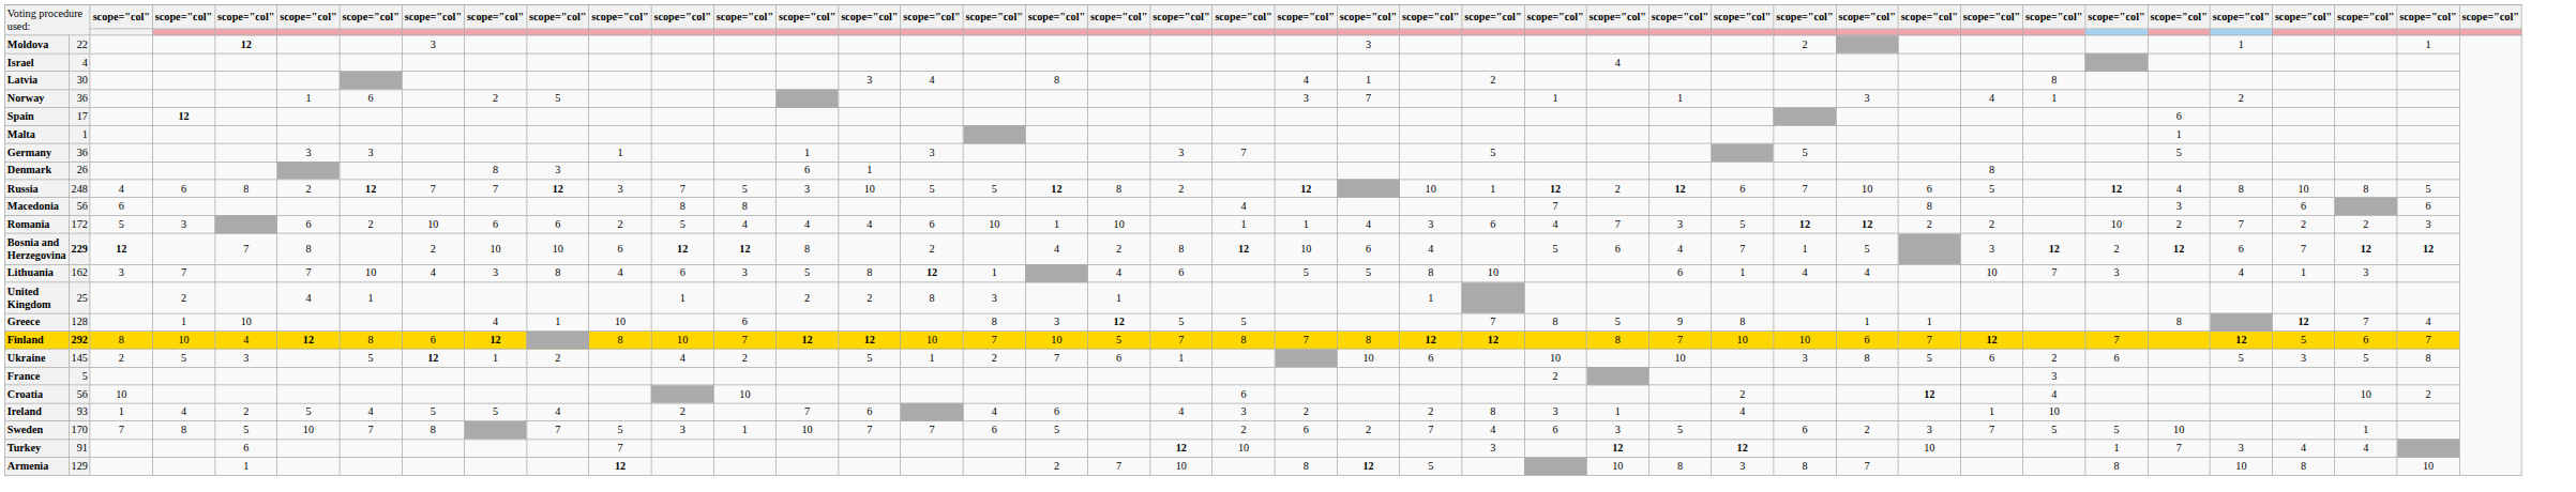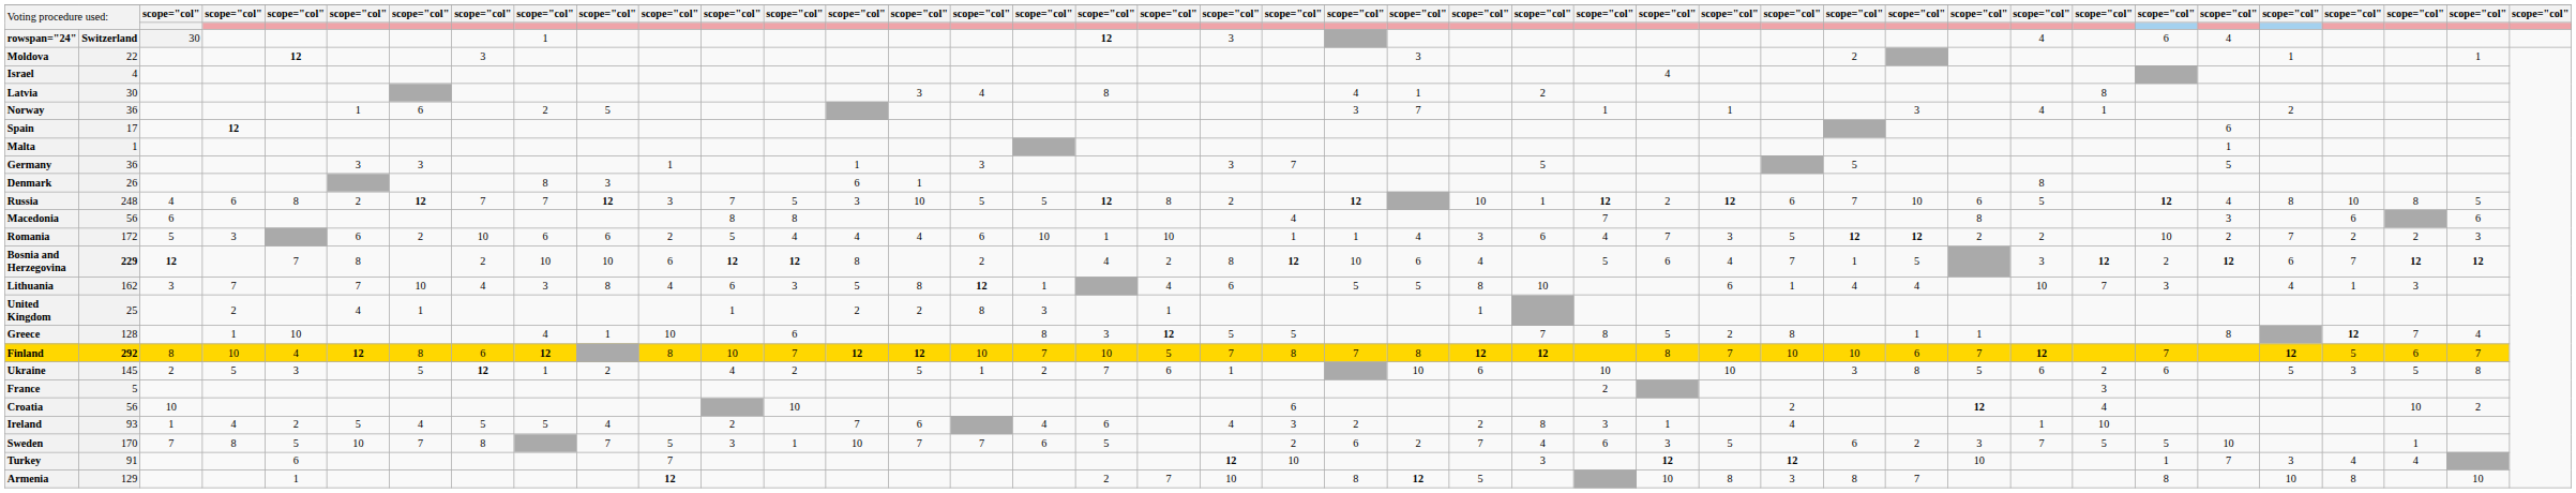 <table class="wikitable plainrowheaders" style="text-align:center; font-size:85%;">
 <tr>
 </tr>
 <tr>
 <td colspan="2" rowspan="2" style="text-align:left; background:#F2F2F2">Voting procedure used:<br></td>
 <th>scope="col" </th>
 <th>scope="col" </th>
 <th>scope="col" </th>
 <th>scope="col" </th>
 <th>scope="col" </th>
 <th>scope="col" </th>
 <th>scope="col" </th>
 <th>scope="col" </th>
 <th>scope="col" </th>
 <th>scope="col" </th>
 <th>scope="col" </th>
 <th>scope="col" </th>
 <th>scope="col" </th>
 <th>scope="col" </th>
 <th>scope="col" </th>
 <th>scope="col" </th>
 <th>scope="col" </th>
 <th>scope="col" </th>
 <th>scope="col" </th>
 <th>scope="col" </th>
 <th>scope="col" </th>
 <th>scope="col" </th>
 <th>scope="col" </th>
 <th>scope="col" </th>
 <th>scope="col" </th>
 <th>scope="col" </th>
 <th>scope="col" </th>
 <th>scope="col" </th>
 <th>scope="col" </th>
 <th>scope="col" </th>
 <th>scope="col" </th>
 <th>scope="col" </th>
 <th>scope="col" </th>
 <th>scope="col" </th>
 <th>scope="col" </th>
 <th>scope="col" </th>
 <th>scope="col" </th>
 <th>scope="col" </th>
 <th>scope="col" </th>
 </tr>
 <tr>
 <th style="height:2px; border-top:1px solid transparent;"></th>
 <td style="background:#EFA4A9;"></td>
 <td style="background:#EFA4A9;"></td>
 <td style="background:#EFA4A9;"></td>
 <td style="background:#EFA4A9;"></td>
 <td style="background:#EFA4A9;"></td>
 <td style="background:#EFA4A9;"></td>
 <td style="background:#EFA4A9;"></td>
 <td style="background:#EFA4A9;"></td>
 <td style="background:#EFA4A9;"></td>
 <td style="background:#EFA4A9;"></td>
 <td style="background:#EFA4A9;"></td>
 <td style="background:#EFA4A9;"></td>
 <td style="background:#EFA4A9;"></td>
 <td style="background:#EFA4A9;"></td>
 <td style="background:#EFA4A9;"></td>
 <td style="background:#EFA4A9;"></td>
 <td style="background:#EFA4A9;"></td>
 <td style="background:#EFA4A9;"></td>
 <td style="background:#EFA4A9;"></td>
 <td style="background:#EFA4A9;"></td>
 <td style="background:#EFA4A9;"></td>
 <td style="background:#EFA4A9;"></td>
 <td style="background:#EFA4A9;"></td>
 <td style="background:#EFA4A9;"></td>
 <td style="background:#EFA4A9;"></td>
 <td style="background:#EFA4A9;"></td>
 <td style="background:#EFA4A9;"></td>
 <td style="background:#EFA4A9;"></td>
 <td style="background:#EFA4A9;"></td>
 <td style="background:#EFA4A9;"></td>
 <td style="background:#EFA4A9;"></td>
 <td style="background:#A4D1EF;"></td>
 <td style="background:#EFA4A9;"></td>
 <td style="background:#A4D1EF;"></td>
 <td style="background:#EFA4A9;"></td>
 <td style="background:#EFA4A9;"></td>
 <td style="background:#EFA4A9;"></td>
 <td style="background:#EFA4A9;"></td>
+</tr>
+<tr>
+<th>rowspan="24" </th>
+<th scope="row" style="text-align:left; background:#f2f2f2;">Switzerland</th>
+<td style="text-align:right; background:#f2f2f2;">30</td>
+<td></td>
+<td></td>
+<td></td>
+<td></td>
+<td></td>
+<td>1</td>
+<td></td>
+<td></td>
+<td></td>
+<td></td>
+<td></td>
+<td></td>
+<td></td>
+<td></td>
+<td><strong>12</strong></td>
+<td></td>
+<td>3</td>
+<td></td>
+<td style="text-align:left; background:#aaa;"></td>
+<td></td>
+<td></td>
+<td></td>
+<td></td>
+<td></td>
+<td></td>
+<td></td>
+<td></td>
+<td></td>
+<td></td>
+<td>4</td>
+<td></td>
+<td>6</td>
+<td>4</td>
+<td></td>
+<td></td>
+<td></td>
+<td></td>
+<td></td>
 </tr>
 <tr>
 <th scope="row" style="text-align:left; background:#f2f2f2;">Moldova</th>
 <td style="text-align:right; background:#f2f2f2;">22</td>
 <td></td>
 <td></td>
 <td><strong>12</strong></td>
 <td></td>
 <td></td>
 <td>3</td>
 <td></td>
 <td></td>
 <td></td>
 <td></td>
 <td></td>
 <td></td>
 <td></td>
 <td></td>
 <td></td>
 <td></td>
 <td></td>
 <td></td>
 <td></td>
 <td></td>
 <td>3</td>
 <td></td>
 <td></td>
 <td></td>
 <td></td>
 <td></td>
 <td></td>
 <td>2</td>
 <td style="text-align:left; background:#aaa;"></td>
 <td></td>
 <td></td>
 <td></td>
 <td></td>
 <td></td>
 <td>1</td>
 <td></td>
 <td></td>
 <td>1</td>
 </tr>
 <tr>
 <th scope="row" style="text-align:left; background:#f2f2f2;">Israel</th>
 <td style="text-align:right; background:#f2f2f2;">4</td>
 <td></td>
 <td></td>
 <td></td>
 <td></td>
 <td></td>
 <td></td>
 <td></td>
 <td></td>
 <td></td>
 <td></td>
 <td></td>
 <td></td>
 <td></td>
 <td></td>
 <td></td>
 <td></td>
 <td></td>
 <td></td>
 <td></td>
 <td></td>
 <td></td>
 <td></td>
 <td></td>
 <td></td>
 <td>4</td>
 <td></td>
 <td></td>
 <td></td>
 <td></td>
 <td></td>
 <td></td>
 <td></td>
 <td style="text-align:left; background:#aaa;"></td>
 <td></td>
 <td></td>
 <td></td>
 <td></td>
 <td></td>
 </tr>
 <tr>
 <th scope="row" style="text-align:left; background:#f2f2f2;">Latvia</th>
 <td style="text-align:right; background:#f2f2f2;">30</td>
 <td></td>
 <td></td>
 <td></td>
 <td></td>
 <td style="text-align:left; background:#aaa;"></td>
 <td></td>
 <td></td>
 <td></td>
 <td></td>
 <td></td>
 <td></td>
 <td></td>
 <td>3</td>
 <td>4</td>
 <td></td>
 <td>8</td>
 <td></td>
 <td></td>
 <td></td>
 <td>4</td>
 <td>1</td>
 <td></td>
 <td>2</td>
 <td></td>
 <td></td>
 <td></td>
 <td></td>
 <td></td>
 <td></td>
 <td></td>
 <td></td>
 <td>8</td>
 <td></td>
 <td></td>
 <td></td>
 <td></td>
 <td></td>
 <td></td>
 </tr>
 <tr>
 <th scope="row" style="text-align:left; background:#f2f2f2;">Norway</th>
 <td style="text-align:right; background:#f2f2f2;">36</td>
 <td></td>
 <td></td>
 <td></td>
 <td>1</td>
 <td>6</td>
 <td></td>
 <td>2</td>
 <td>5</td>
 <td></td>
 <td></td>
 <td></td>
 <td style="text-align:left; background:#aaa;"></td>
 <td></td>
 <td></td>
 <td></td>
 <td></td>
 <td></td>
 <td></td>
 <td></td>
 <td>3</td>
 <td>7</td>
 <td></td>
 <td></td>
 <td>1</td>
 <td></td>
 <td>1</td>
 <td></td>
 <td></td>
 <td>3</td>
 <td></td>
 <td>4</td>
 <td>1</td>
 <td></td>
 <td></td>
 <td>2</td>
 <td></td>
 <td></td>
 <td></td>
 </tr>
 <tr>
 <th scope="row" style="text-align:left; background:#f2f2f2;">Spain</th>
 <td style="text-align:right; background:#f2f2f2;">17</td>
 <td></td>
 <td><strong>12</strong></td>
 <td></td>
 <td></td>
 <td></td>
 <td></td>
 <td></td>
 <td></td>
 <td></td>
 <td></td>
 <td></td>
 <td></td>
 <td></td>
 <td></td>
 <td></td>
 <td></td>
 <td></td>
 <td></td>
 <td></td>
 <td></td>
 <td></td>
 <td></td>
 <td></td>
 <td></td>
 <td></td>
 <td></td>
 <td></td>
 <td style="text-align:left; background:#aaa;"></td>
 <td></td>
 <td></td>
 <td></td>
 <td></td>
 <td></td>
 <td>6</td>
 <td></td>
 <td></td>
 <td></td>
 <td></td>
 </tr>
 <tr>
 <th scope="row" style="text-align:left; background:#f2f2f2;">Malta</th>
 <td style="text-align:right; background:#f2f2f2;">1</td>
 <td></td>
 <td></td>
 <td></td>
 <td></td>
 <td></td>
 <td></td>
 <td></td>
 <td></td>
 <td></td>
 <td></td>
 <td></td>
 <td></td>
 <td></td>
 <td></td>
 <td style="text-align:left; background:#aaa;"></td>
 <td></td>
 <td></td>
 <td></td>
 <td></td>
 <td></td>
 <td></td>
 <td></td>
 <td></td>
 <td></td>
 <td></td>
 <td></td>
 <td></td>
 <td></td>
 <td></td>
 <td></td>
 <td></td>
 <td></td>
 <td></td>
 <td>1</td>
 <td></td>
 <td></td>
 <td></td>
 <td></td>
 </tr>
 <tr>
 <th scope="row" style="text-align:left; background:#f2f2f2;">Germany</th>
 <td style="text-align:right; background:#f2f2f2;">36</td>
 <td></td>
 <td></td>
 <td></td>
 <td>3</td>
 <td>3</td>
 <td></td>
 <td></td>
 <td></td>
 <td>1</td>
 <td></td>
 <td></td>
 <td>1</td>
 <td></td>
 <td>3</td>
 <td></td>
 <td></td>
 <td></td>
 <td>3</td>
 <td>7</td>
 <td></td>
 <td></td>
 <td></td>
 <td>5</td>
 <td></td>
 <td></td>
 <td></td>
 <td style="text-align:left; background:#aaa;"></td>
 <td>5</td>
 <td></td>
 <td></td>
 <td></td>
 <td></td>
 <td></td>
 <td>5</td>
 <td></td>
 <td></td>
 <td></td>
 <td></td>
 </tr>
 <tr>
 <th scope="row" style="text-align:left; background:#f2f2f2;">Denmark</th>
 <td style="text-align:right; background:#f2f2f2;">26</td>
 <td></td>
 <td></td>
 <td></td>
 <td style="text-align:left; background:#aaa;"></td>
 <td></td>
 <td></td>
 <td>8</td>
 <td>3</td>
 <td></td>
 <td></td>
 <td></td>
 <td>6</td>
 <td>1</td>
 <td></td>
 <td></td>
 <td></td>
 <td></td>
 <td></td>
 <td></td>
 <td></td>
 <td></td>
 <td></td>
 <td></td>
 <td></td>
 <td></td>
 <td></td>
 <td></td>
 <td></td>
 <td></td>
 <td></td>
 <td>8</td>
 <td></td>
 <td></td>
 <td></td>
 <td></td>
 <td></td>
 <td></td>
 <td></td>
 </tr>
 <tr>
 <th scope="row" style="text-align:left; background:#f2f2f2;">Russia</th>
 <td style="text-align:right; background:#f2f2f2;">248</td>
 <td>4</td>
 <td>6</td>
 <td>8</td>
 <td>2</td>
 <td><strong>12</strong></td>
 <td>7</td>
 <td>7</td>
 <td><strong>12</strong></td>
 <td>3</td>
 <td>7</td>
 <td>5</td>
 <td>3</td>
 <td>10</td>
 <td>5</td>
 <td>5</td>
 <td><strong>12</strong></td>
 <td>8</td>
 <td>2</td>
 <td></td>
 <td><strong>12</strong></td>
 <td style="text-align:left; background:#aaa;"></td>
 <td>10</td>
 <td>1</td>
 <td><strong>12</strong></td>
 <td>2</td>
 <td><strong>12</strong></td>
 <td>6</td>
 <td>7</td>
 <td>10</td>
 <td>6</td>
 <td>5</td>
 <td></td>
 <td><strong>12</strong></td>
 <td>4</td>
 <td>8</td>
 <td>10</td>
 <td>8</td>
 <td>5</td>
 </tr>
 <tr>
 <th scope="row" style="text-align:left; background:#f2f2f2;">Macedonia</th>
 <td style="text-align:right; background:#f2f2f2;">56</td>
 <td>6</td>
 <td></td>
 <td></td>
 <td></td>
 <td></td>
 <td></td>
 <td></td>
 <td></td>
 <td></td>
 <td>8</td>
 <td>8</td>
 <td></td>
 <td></td>
 <td></td>
 <td></td>
 <td></td>
 <td></td>
 <td></td>
 <td>4</td>
 <td></td>
 <td></td>
 <td></td>
 <td></td>
 <td>7</td>
 <td></td>
 <td></td>
 <td></td>
 <td></td>
 <td></td>
 <td>8</td>
 <td></td>
 <td></td>
 <td></td>
 <td>3</td>
 <td></td>
 <td>6</td>
 <td style="text-align:left; background:#aaa;"></td>
 <td>6</td>
 </tr>
 <tr>
 <th scope="row" style="text-align:left; background:#f2f2f2;">Romania</th>
 <td style="text-align:right; background:#f2f2f2;">172</td>
 <td>5</td>
 <td>3</td>
 <td style="text-align:left; background:#aaa;"></td>
 <td>6</td>
 <td>2</td>
 <td>10</td>
 <td>6</td>
 <td>6</td>
 <td>2</td>
 <td>5</td>
 <td>4</td>
 <td>4</td>
 <td>4</td>
 <td>6</td>
 <td>10</td>
 <td>1</td>
 <td>10</td>
 <td></td>
 <td>1</td>
 <td>1</td>
 <td>4</td>
 <td>3</td>
 <td>6</td>
 <td>4</td>
 <td>7</td>
 <td>3</td>
 <td>5</td>
 <td><strong>12</strong></td>
 <td><strong>12</strong></td>
 <td>2</td>
 <td>2</td>
 <td></td>
 <td>10</td>
 <td>2</td>
 <td>7</td>
 <td>2</td>
 <td>2</td>
 <td>3</td>
 </tr>
 <tr>
 <th scope="row" style="text-align:left; background:#f2f2f2;">Bosnia and Herzegovina</th>
 <td style="text-align:right; background:#f2f2f2;"><strong>229</strong></td>
 <td><strong>12</strong></td>
 <td></td>
 <td>7</td>
 <td>8</td>
 <td></td>
 <td>2</td>
 <td>10</td>
 <td>10</td>
 <td>6</td>
 <td><strong>12</strong></td>
 <td><strong>12</strong></td>
 <td>8</td>
 <td></td>
 <td>2</td>
 <td></td>
 <td>4</td>
 <td>2</td>
 <td>8</td>
 <td><strong>12</strong></td>
 <td>10</td>
 <td>6</td>
 <td>4</td>
 <td></td>
 <td>5</td>
 <td>6</td>
 <td>4</td>
 <td>7</td>
 <td>1</td>
 <td>5</td>
 <td style="text-align:left; background:#aaa;"></td>
 <td>3</td>
 <td><strong>12</strong></td>
 <td>2</td>
 <td><strong>12</strong></td>
 <td>6</td>
 <td>7</td>
 <td><strong>12</strong></td>
 <td><strong>12</strong></td>
 </tr>
 <tr>
 <th scope="row" style="text-align:left; background:#f2f2f2;">Lithuania</th>
 <td style="text-align:right; background:#f2f2f2;">162</td>
 <td>3</td>
 <td>7</td>
 <td></td>
 <td>7</td>
 <td>10</td>
 <td>4</td>
 <td>3</td>
 <td>8</td>
 <td>4</td>
 <td>6</td>
 <td>3</td>
 <td>5</td>
 <td>8</td>
 <td><strong>12</strong></td>
 <td>1</td>
 <td style="text-align:left; background:#aaa;"></td>
 <td>4</td>
 <td>6</td>
 <td></td>
 <td>5</td>
 <td>5</td>
 <td>8</td>
 <td>10</td>
 <td></td>
 <td></td>
 <td>6</td>
 <td>1</td>
 <td>4</td>
 <td>4</td>
 <td></td>
 <td>10</td>
 <td>7</td>
 <td>3</td>
 <td></td>
 <td>4</td>
 <td>1</td>
 <td>3</td>
 <td></td>
 </tr>
 <tr>
 <th scope="row" style="text-align:left; background:#f2f2f2;">United Kingdom</th>
 <td style="text-align:right; background:#f2f2f2;">25</td>
 <td></td>
 <td>2</td>
 <td></td>
 <td>4</td>
 <td>1</td>
 <td></td>
 <td></td>
 <td></td>
 <td></td>
 <td>1</td>
 <td></td>
 <td>2</td>
 <td>2</td>
 <td>8</td>
 <td>3</td>
 <td></td>
 <td>1</td>
 <td></td>
 <td></td>
 <td></td>
 <td></td>
 <td>1</td>
 <td style="text-align:left; background:#aaa;"></td>
 <td></td>
 <td></td>
 <td></td>
 <td></td>
 <td></td>
 <td></td>
 <td></td>
 <td></td>
 <td></td>
 <td></td>
 <td></td>
 <td></td>
 <td></td>
 <td></td>
 <td></td>
 </tr>
 <tr>
 <th scope="row" style="text-align:left; background:#f2f2f2;">Greece</th>
 <td style="text-align:right; background:#f2f2f2;">128</td>
 <td></td>
 <td>1</td>
 <td>10</td>
 <td></td>
 <td></td>
 <td></td>
 <td>4</td>
 <td>1</td>
 <td>10</td>
 <td></td>
 <td>6</td>
 <td></td>
 <td></td>
 <td></td>
 <td>8</td>
 <td>3</td>
 <td><strong>12</strong></td>
 <td>5</td>
 <td>5</td>
 <td></td>
 <td></td>
 <td></td>
 <td>7</td>
 <td>8</td>
 <td>5</td>
-<td>9</td>
+<td>2</td>
 <td>8</td>
 <td></td>
 <td>1</td>
 <td>1</td>
 <td></td>
 <td></td>
 <td></td>
 <td>8</td>
 <td style="text-align:left; background:#aaa;"></td>
 <td><strong>12</strong></td>
 <td>7</td>
 <td>4</td>
 </tr>
 <tr style="background:gold;">
 <th scope="row" style="text-align:left; font-weight:bold; background:gold;">Finland</th>
 <td style="text-align:right; font-weight:bold;">292</td>
 <td>8</td>
 <td>10</td>
 <td>4</td>
 <td><strong>12</strong></td>
 <td>8</td>
 <td>6</td>
 <td><strong>12</strong></td>
 <td style="text-align:left; background:#aaa;"></td>
 <td>8</td>
 <td>10</td>
 <td>7</td>
 <td><strong>12</strong></td>
 <td><strong>12</strong></td>
 <td>10</td>
 <td>7</td>
 <td>10</td>
 <td>5</td>
 <td>7</td>
 <td>8</td>
 <td>7</td>
 <td>8</td>
 <td><strong>12</strong></td>
 <td><strong>12</strong></td>
 <td></td>
 <td>8</td>
 <td>7</td>
 <td>10</td>
 <td>10</td>
 <td>6</td>
 <td>7</td>
 <td><strong>12</strong></td>
 <td></td>
 <td>7</td>
 <td></td>
 <td><strong>12</strong></td>
 <td>5</td>
 <td>6</td>
 <td>7</td>
 </tr>
 <tr>
 <th scope="row" style="text-align:left; background:#f2f2f2;">Ukraine</th>
 <td style="text-align:right; background:#f2f2f2;">145</td>
 <td>2</td>
 <td>5</td>
 <td>3</td>
 <td></td>
 <td>5</td>
 <td><strong>12</strong></td>
 <td>1</td>
 <td>2</td>
 <td></td>
 <td>4</td>
 <td>2</td>
 <td></td>
 <td>5</td>
 <td>1</td>
 <td>2</td>
 <td>7</td>
 <td>6</td>
 <td>1</td>
 <td></td>
 <td style="text-align:left; background:#aaa;"></td>
 <td>10</td>
 <td>6</td>
 <td></td>
 <td>10</td>
 <td></td>
 <td>10</td>
 <td></td>
 <td>3</td>
 <td>8</td>
 <td>5</td>
 <td>6</td>
 <td>2</td>
 <td>6</td>
 <td></td>
 <td>5</td>
 <td>3</td>
 <td>5</td>
 <td>8</td>
 </tr>
 <tr>
 <th scope="row" style="text-align:left; background:#f2f2f2;">France</th>
 <td style="text-align:right; background:#f2f2f2;">5</td>
 <td></td>
 <td></td>
 <td></td>
 <td></td>
 <td></td>
 <td></td>
 <td></td>
 <td></td>
 <td></td>
 <td></td>
 <td></td>
 <td></td>
 <td></td>
 <td></td>
 <td></td>
 <td></td>
 <td></td>
 <td></td>
 <td></td>
 <td></td>
 <td></td>
 <td></td>
 <td></td>
 <td>2</td>
 <td style="text-align:left; background:#aaa;"></td>
 <td></td>
 <td></td>
 <td></td>
 <td></td>
 <td></td>
 <td></td>
 <td>3</td>
 <td></td>
 <td></td>
 <td></td>
 <td></td>
 <td></td>
 <td></td>
 </tr>
 <tr>
 <th scope="row" style="text-align:left; background:#f2f2f2;">Croatia</th>
 <td style="text-align:right; background:#f2f2f2;">56</td>
 <td>10</td>
 <td></td>
 <td></td>
 <td></td>
 <td></td>
 <td></td>
 <td></td>
 <td></td>
 <td></td>
 <td style="text-align:left; background:#aaa;"></td>
 <td>10</td>
 <td></td>
 <td></td>
 <td></td>
 <td></td>
 <td></td>
 <td></td>
 <td></td>
 <td>6</td>
 <td></td>
 <td></td>
 <td></td>
 <td></td>
 <td></td>
 <td></td>
 <td></td>
 <td>2</td>
 <td></td>
 <td></td>
 <td><strong>12</strong></td>
 <td></td>
 <td>4</td>
 <td></td>
 <td></td>
 <td></td>
 <td></td>
 <td>10</td>
 <td>2</td>
 </tr>
 <tr>
 <th scope="row" style="text-align:left; background:#f2f2f2;">Ireland</th>
 <td style="text-align:right; background:#f2f2f2;">93</td>
 <td>1</td>
 <td>4</td>
 <td>2</td>
 <td>5</td>
 <td>4</td>
 <td>5</td>
 <td>5</td>
 <td>4</td>
 <td></td>
 <td>2</td>
 <td></td>
 <td>7</td>
 <td>6</td>
 <td style="text-align:left; background:#aaa;"></td>
 <td>4</td>
 <td>6</td>
 <td></td>
 <td>4</td>
 <td>3</td>
 <td>2</td>
 <td></td>
 <td>2</td>
 <td>8</td>
 <td>3</td>
 <td>1</td>
 <td></td>
 <td>4</td>
 <td></td>
 <td></td>
 <td></td>
 <td>1</td>
 <td>10</td>
 <td></td>
 <td></td>
 <td></td>
 <td></td>
 <td></td>
 <td></td>
 </tr>
 <tr>
 <th scope="row" style="text-align:left; background:#f2f2f2;">Sweden</th>
 <td style="text-align:right; background:#f2f2f2;">170</td>
 <td>7</td>
 <td>8</td>
 <td>5</td>
 <td>10</td>
 <td>7</td>
 <td>8</td>
 <td style="text-align:left; background:#aaa;"></td>
 <td>7</td>
 <td>5</td>
 <td>3</td>
 <td>1</td>
 <td>10</td>
 <td>7</td>
 <td>7</td>
 <td>6</td>
 <td>5</td>
 <td></td>
 <td></td>
 <td>2</td>
 <td>6</td>
 <td>2</td>
 <td>7</td>
 <td>4</td>
 <td>6</td>
 <td>3</td>
 <td>5</td>
 <td></td>
 <td>6</td>
 <td>2</td>
 <td>3</td>
 <td>7</td>
 <td>5</td>
 <td>5</td>
 <td>10</td>
 <td></td>
 <td></td>
 <td>1</td>
 <td></td>
 </tr>
 <tr>
 <th scope="row" style="text-align:left; background:#f2f2f2;">Turkey</th>
 <td style="text-align:right; background:#f2f2f2;">91</td>
 <td></td>
 <td></td>
 <td>6</td>
 <td></td>
 <td></td>
 <td></td>
 <td></td>
 <td></td>
 <td>7</td>
 <td></td>
 <td></td>
 <td></td>
 <td></td>
 <td></td>
 <td></td>
 <td></td>
 <td></td>
 <td><strong>12</strong></td>
 <td>10</td>
 <td></td>
 <td></td>
 <td></td>
 <td>3</td>
 <td></td>
 <td><strong>12</strong></td>
 <td></td>
 <td><strong>12</strong></td>
 <td></td>
 <td></td>
 <td>10</td>
 <td></td>
 <td></td>
 <td>1</td>
 <td>7</td>
 <td>3</td>
 <td>4</td>
 <td>4</td>
 <td style="text-align:left; background:#aaa;"></td>
 </tr>
 <tr>
 <th scope="row" style="text-align:left; background:#f2f2f2;">Armenia</th>
 <td style="text-align:right; background:#f2f2f2;">129</td>
 <td></td>
 <td></td>
 <td>1</td>
 <td></td>
 <td></td>
 <td></td>
 <td></td>
 <td></td>
 <td><strong>12</strong></td>
 <td></td>
 <td></td>
 <td></td>
 <td></td>
 <td></td>
 <td></td>
 <td>2</td>
 <td>7</td>
 <td>10</td>
 <td></td>
 <td>8</td>
 <td><strong>12</strong></td>
 <td>5</td>
 <td></td>
 <td style="text-align:left; background:#aaa;"></td>
 <td>10</td>
 <td>8</td>
 <td>3</td>
 <td>8</td>
 <td>7</td>
 <td></td>
 <td></td>
 <td></td>
 <td>8</td>
 <td></td>
 <td>10</td>
 <td>8</td>
 <td></td>
 <td>10</td>
 </tr>
 </table>
